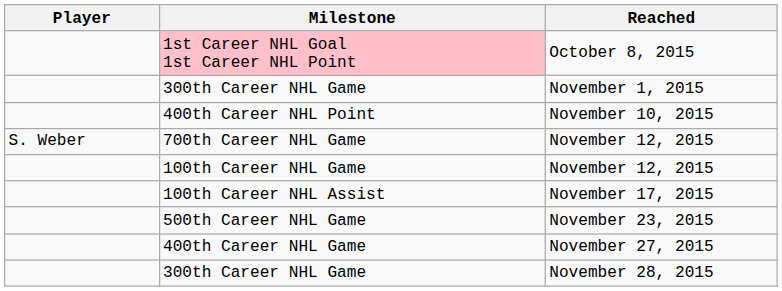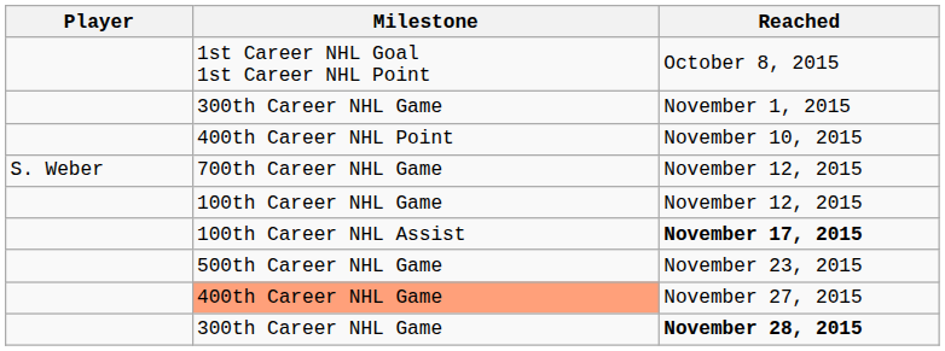 <table class="wikitable sortable" style="width:100%;">
 <tr align=center>
 <th style="width:20%;">Player</th>
 <th style="width:50%;">Milestone</th>
 <th style="width:30%;" data-sort-type="date">Reached</th>
 </tr>
 <tr>
 <td></td>
-<td style="background: pink;">1st Career NHL Goal<br>1st Career NHL Point</td>
+<td>1st Career NHL Goal<br>1st Career NHL Point</td>
 <td>October 8, 2015</td>
 </tr>
 <tr>
 <td></td>
 <td>300th Career NHL Game</td>
 <td>November 1, 2015</td>
 </tr>
 <tr>
 <td></td>
 <td>400th Career NHL Point</td>
 <td>November 10, 2015</td>
 </tr>
 <tr>
 <td>S. Weber</td>
 <td>700th Career NHL Game</td>
 <td>November 12, 2015</td>
 </tr>
 <tr>
 <td></td>
 <td>100th Career NHL Game</td>
 <td>November 12, 2015</td>
 </tr>
 <tr>
 <td></td>
 <td>100th Career NHL Assist</td>
-<td>November 17, 2015</td>
+<td><strong>November 17, 2015</strong></td>
 </tr>
 <tr>
 <td></td>
 <td>500th Career NHL Game</td>
 <td>November 23, 2015</td>
 </tr>
 <tr>
 <td></td>
-<td>400th Career NHL Game</td>
+<td style="background: lightsalmon;">400th Career NHL Game</td>
 <td>November 27, 2015</td>
 </tr>
 <tr>
 <td></td>
 <td>300th Career NHL Game</td>
-<td>November 28, 2015</td>
+<td><strong>November 28, 2015</strong></td>
 </tr>
 </table>
